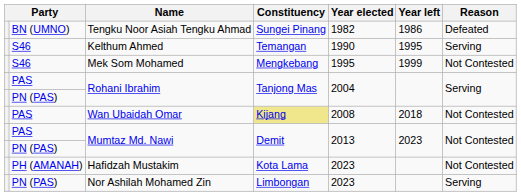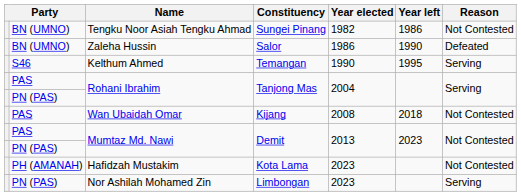 <table class="wikitable sortable">
 <tr>
 <th colspan=2>Party</th>
 <th>Name</th>
 <th>Constituency</th>
 <th>Year elected</th>
 <th>Year left</th>
 <th>Reason</th>
 </tr>
 <tr>
 <th style="background-color: "></th>
 <td><a href='#'>BN</a> (<a href='#'>UMNO</a>)</td>
 <td>Tengku Noor Asiah Tengku Ahmad</td>
 <td><a href='#'>Sungei Pinang</a></td>
 <td>1982</td>
 <td>1986</td>
+<td>Not Contested</td>
+</tr>
+<tr>
+<th style="background-color: "></th>
+<td><a href='#'>BN</a> (<a href='#'>UMNO</a>)</td>
+<td>Zaleha Hussin</td>
+<td><a href='#'>Salor</a></td>
+<td>1986</td>
+<td>1990</td>
 <td>Defeated</td>
 </tr>
 <tr>
 <th style="background-color: "></th>
 <td><a href='#'>S46</a></td>
 <td>Kelthum Ahmed</td>
 <td><a href='#'>Temangan</a></td>
 <td>1990</td>
 <td>1995</td>
 <td>Serving</td>
-</tr>
-<tr>
-<th style="background-color: "></th>
-<td><a href='#'>S46</a></td>
-<td>Mek Som Mohamed</td>
-<td><a href='#'>Mengkebang</a></td>
-<td>1995</td>
-<td>1999</td>
-<td>Not Contested</td>
 </tr>
 <tr>
 <th style="background-color: "></th>
 <td><a href='#'>PAS</a></td>
 <td rowspan=2><a href='#'>Rohani Ibrahim</a></td>
 <td rowspan=2><a href='#'>Tanjong Mas</a></td>
 <td rowspan=2>2004</td>
 <td rowspan=2></td>
 <td rowspan=2>Serving</td>
 </tr>
 <tr>
 <th style="background-color: "></th>
 <td><a href='#'>PN</a> (<a href='#'>PAS</a>)</td>
 </tr>
 <tr>
 <th style="background-color: "></th>
 <td><a href='#'>PAS</a></td>
 <td><a href='#'>Wan Ubaidah Omar</a></td>
-<td style="background: khaki;"><a href='#'>Kijang</a></td>
+<td><a href='#'>Kijang</a></td>
 <td>2008</td>
 <td>2018</td>
 <td>Not Contested</td>
 </tr>
 <tr>
 <th style="background-color: "></th>
 <td><a href='#'>PAS</a></td>
 <td rowspan=2><a href='#'>Mumtaz Md. Nawi</a></td>
 <td rowspan=2><a href='#'>Demit</a></td>
 <td rowspan=2>2013</td>
 <td rowspan=2>2023</td>
 <td rowspan=2>Not Contested</td>
 </tr>
 <tr>
 <th style="background-color: "></th>
 <td><a href='#'>PN</a> (<a href='#'>PAS</a>)</td>
 </tr>
 <tr>
 <th style="background-color: "></th>
 <td><a href='#'>PH</a> (<a href='#'>AMANAH</a>)</td>
 <td>Hafidzah Mustakim</td>
 <td><a href='#'>Kota Lama</a></td>
 <td>2023</td>
 <td></td>
 <td>Not Contested</td>
 </tr>
 <tr>
 <th style="background-color: "></th>
 <td><a href='#'>PN</a> (<a href='#'>PAS</a>)</td>
 <td>Nor Ashilah Mohamed Zin</td>
 <td><a href='#'>Limbongan</a></td>
 <td>2023</td>
 <td></td>
 <td>Serving</td>
 </tr>
 </table>
